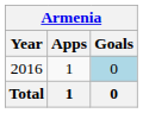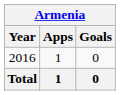 <table class="wikitable" style="text-align:center">
 <tr>
 <th colspan=3><a href='#'>Armenia</a></th>
 </tr>
 <tr>
 <th>Year</th>
 <th>Apps</th>
 <th>Goals</th>
 </tr>
 <tr>
 <td>2016</td>
 <td>1</td>
-<td style="background: lightblue;">0</td>
+<td>0</td>
 </tr>
 <tr>
 <th>Total</th>
 <th>1</th>
 <th>0</th>
 </tr>
 </table>
